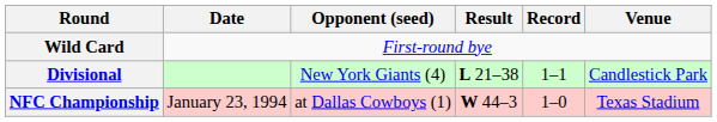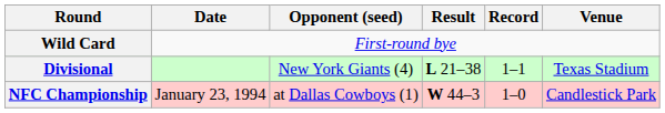 <table class="wikitable" style="text-align:center">
 <tr>
 <th>Round</th>
 <th>Date</th>
 <th>Opponent (seed)</th>
 <th>Result</th>
 <th>Record</th>
 <th>Venue</th>
 </tr>
 <tr>
 <th>Wild Card</th>
 <td colspan="5"><em><a href='#'>First-round bye</a></em></td>
 </tr>
 <tr style="background:#cfc">
 <th><a href='#'>Divisional</a></th>
 <td></td>
 <td><a href='#'>New York Giants</a> (4)</td>
 <td><strong>L</strong> 21–38</td>
 <td>1–1</td>
-<td><a href='#'>Candlestick Park</a></td>
+<td><a href='#'>Texas Stadium</a></td>
 </tr>
 <tr style="background:#fcc">
 <th><a href='#'>NFC Championship</a></th>
 <td>January 23, 1994</td>
 <td>at <a href='#'>Dallas Cowboys</a> (1)</td>
 <td><strong>W</strong> 44–3</td>
 <td>1–0</td>
-<td><a href='#'>Texas Stadium</a></td>
+<td><a href='#'>Candlestick Park</a></td>
 </tr>
 </table>
